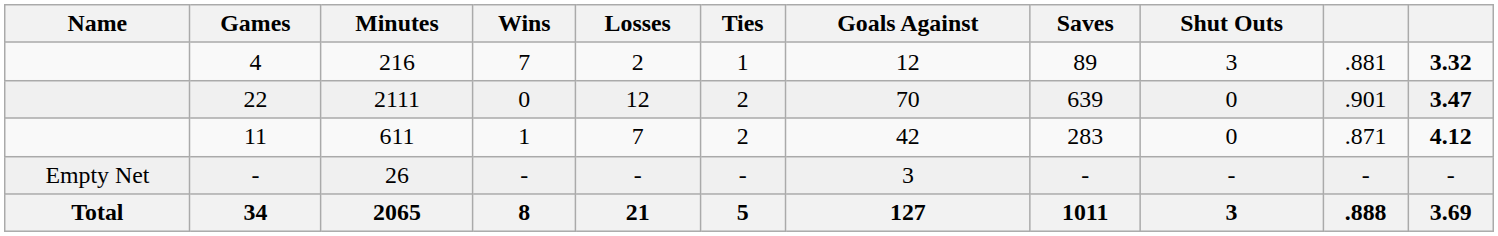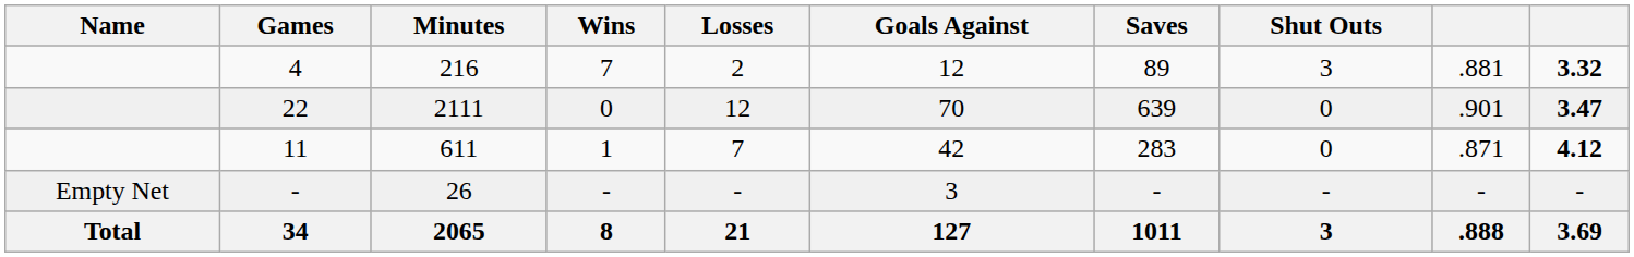 <table class="wikitable sortable" width ="1000">
 <tr align="center">
 <th>Name</th>
 <th>Games</th>
 <th>Minutes</th>
 <th>Wins</th>
 <th>Losses</th>
-<th>Ties</th>
 <th>Goals Against</th>
 <th>Saves</th>
 <th>Shut Outs</th>
 <th><a href='#'></a></th>
 <th><a href='#'></a></th>
 </tr>
 <tr align="center" bgcolor="">
 <td></td>
 <td>4</td>
 <td>216</td>
 <td>7</td>
 <td>2</td>
-<td>1</td>
 <td>12</td>
 <td>89</td>
 <td>3</td>
 <td>.881</td>
 <td><strong>3.32</strong></td>
 </tr>
 <tr align="center" bgcolor="f0f0f0">
 <td></td>
 <td>22</td>
 <td>2111</td>
 <td>0</td>
 <td>12</td>
-<td>2</td>
 <td>70</td>
 <td>639</td>
 <td>0</td>
 <td>.901</td>
 <td><strong>3.47</strong></td>
 </tr>
 <tr align="center" bgcolor="">
 <td></td>
 <td>11</td>
 <td>611</td>
 <td>1</td>
 <td>7</td>
-<td>2</td>
 <td>42</td>
 <td>283</td>
 <td>0</td>
 <td>.871</td>
 <td><strong>4.12</strong></td>
 </tr>
 <tr align="center" bgcolor="f0f0f0">
 <td>Empty Net</td>
 <td>-</td>
 <td>26</td>
-<td>-</td>
 <td>-</td>
 <td>-</td>
 <td>3</td>
 <td>-</td>
 <td>-</td>
 <td>-</td>
 <td>-</td>
 </tr>
 <tr>
 <th>Total</th>
 <th>34</th>
 <th>2065</th>
 <th>8</th>
 <th>21</th>
-<th>5</th>
 <th>127</th>
 <th>1011</th>
 <th>3</th>
 <th>.888</th>
 <th>3.69</th>
 </tr>
 </table>
